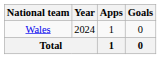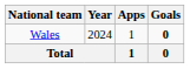 <table class="wikitable" style="text-align:center">
 <tr>
 <th>National team</th>
 <th>Year</th>
 <th>Apps</th>
 <th>Goals</th>
 </tr>
 <tr>
 <td><a href='#'>Wales</a></td>
 <td>2024</td>
 <td>1</td>
-<td>0</td>
+<td><strong>0</strong></td>
 </tr>
 <tr>
 <th colspan="2">Total</th>
 <th>1</th>
 <th>0</th>
 </tr>
 </table>
